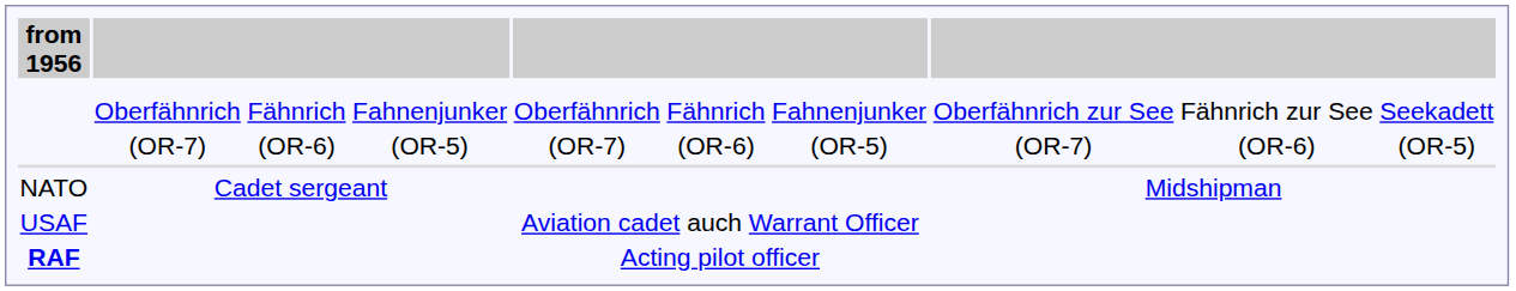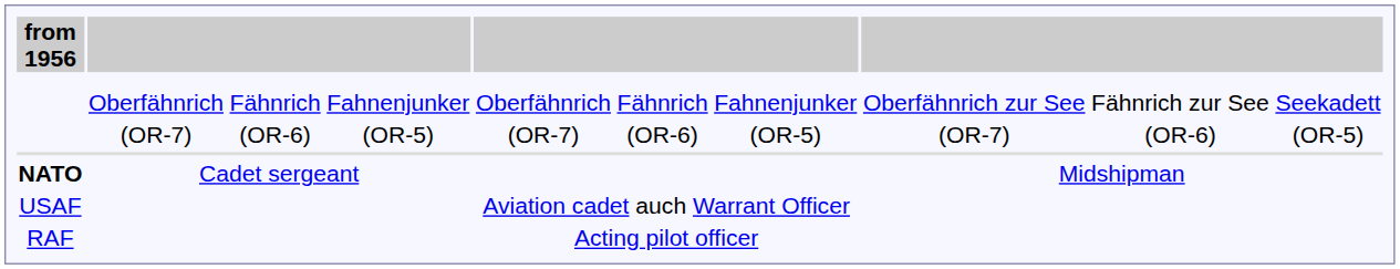 <table style="border:1px solid #8888aa; background-color:#f7f8ff; padding:5px; font-size:95%; margin: 0px 12px 12px 0px;">
 <tr bgcolor="#CCCCCC">
 <th>from<br>1956</th>
 <th colspan=3></th>
 <th colspan=3></th>
 <th colspan=4></th>
 </tr>
 <tr align="center">
 <td rowspan=2></td>
 <td></td>
 <td></td>
 <td></td>
 <td></td>
 <td></td>
 <td></td>
 <td> </td>
 <td> </td>
 <td> </td>
 </tr>
 <tr align="center">
 <td></td>
 <td></td>
 <td></td>
 <td></td>
 <td></td>
 <td></td>
 <td></td>
 <td></td>
 <td></td>
 </tr>
 <tr align="center">
 <td></td>
 <td><a href='#'>Oberfähnrich</a><br></td>
 <td><a href='#'>Fähnrich</a><br></td>
 <td><a href='#'>Fahnenjunker</a><br></td>
 <td><a href='#'>Oberfähnrich</a><br></td>
 <td><a href='#'>Fähnrich</a><br></td>
 <td><a href='#'>Fahnenjunker</a><br></td>
 <td><a href='#'>Oberfähnrich zur See</a><br></td>
 <td>Fähnrich zur See<br></td>
 <td><a href='#'>Seekadett</a><br></td>
 </tr>
 <tr align="center">
 <td><a href='#'></a></td>
 <td>(OR-7)</td>
 <td>(OR-6)</td>
 <td>(OR-5)</td>
 <td>(OR-7)</td>
 <td>(OR-6)</td>
 <td>(OR-5)</td>
 <td>(OR-7)</td>
 <td>(OR-6)</td>
 <td colspan=2>(OR-5)</td>
 </tr>
 <tr>
 <td colspan=12 bgcolor="DCDCDC"></td>
 </tr>
 <tr align="center">
-<td>NATO</td>
+<td><strong>NATO</strong></td>
 <td colspan=3><a href='#'>Cadet sergeant</a></td>
 <td colspan=3></td>
 <td colspan=3><a href='#'>Midshipman</a></td>
 </tr>
 <tr align="center">
 <td><a href='#'>USAF</a></td>
 <td colspan=3></td>
 <td colspan=3><a href='#'>Aviation cadet</a> auch <a href='#'>Warrant Officer</a></td>
 <td colspan=3></td>
 </tr>
 <tr align="center">
-<td><strong><a href='#'>RAF</a></strong></td>
+<td><a href='#'>RAF</a></td>
 <td colspan=3></td>
 <td align="center" colspan=3><a href='#'>Acting pilot officer</a></td>
 </tr>
 </table>
